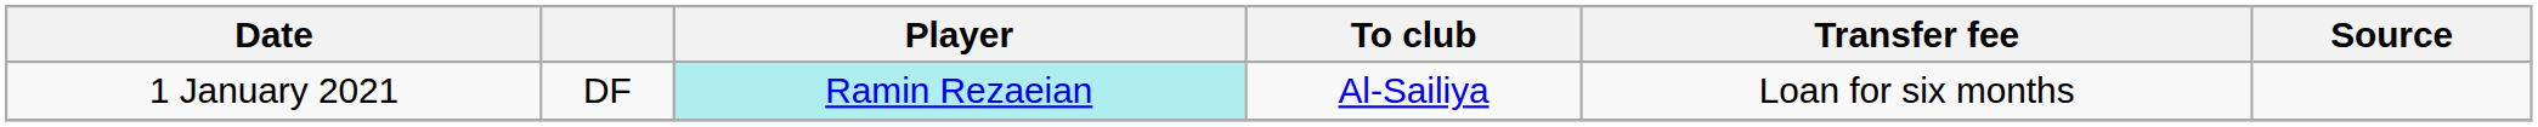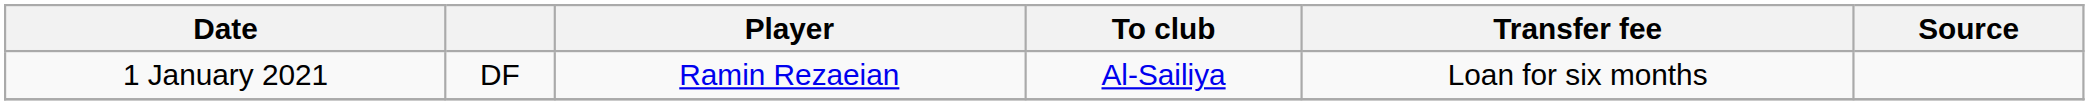 <table class="wikitable sortable" style="width:60%; text-align:center; font-size:85%; text-align:centre;">
 <tr>
 <th>Date</th>
 <th></th>
 <th>Player</th>
 <th>To club</th>
 <th>Transfer fee</th>
 <th>Source</th>
 </tr>
 <tr>
 <td>1 January 2021</td>
 <td>DF</td>
-<td style="background: paleturquoise;"> <a href='#'>Ramin Rezaeian</a></td>
+<td> <a href='#'>Ramin Rezaeian</a></td>
 <td><a href='#'>Al-Sailiya</a></td>
 <td>Loan for six months</td>
 <td></td>
 </tr>
 <tr>
 </tr>
 </table>
